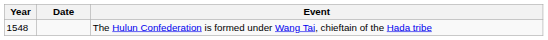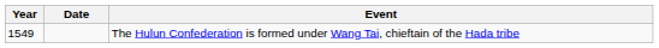 <table class="wikitable" width="100%">
 <tr>
 <th style="width:6%">Year</th>
 <th style="width:10%">Date</th>
 <th>Event</th>
 </tr>
 <tr>
-<td>1548</td>
+<td>1549</td>
 <td></td>
 <td>The <a href='#'>Hulun Confederation</a> is formed under <a href='#'>Wang Tai</a>, chieftain of the <a href='#'>Hada tribe</a></td>
 </tr>
 </table>
